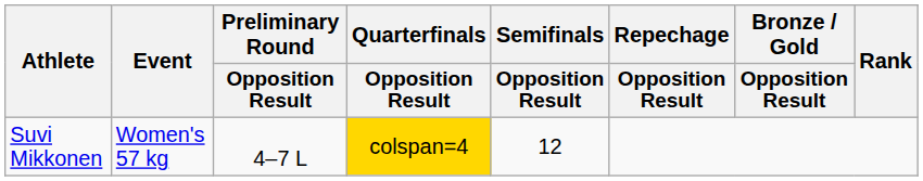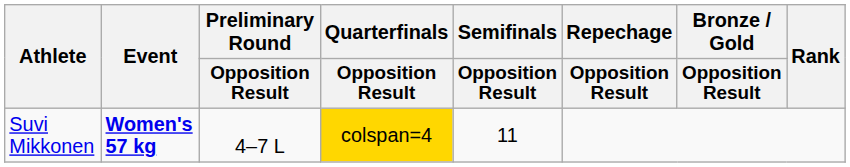 <table class="wikitable" style="font-size:90%;">
 <tr>
 <th rowspan=2>Athlete</th>
 <th rowspan=2>Event</th>
 <th>Preliminary Round</th>
 <th>Quarterfinals</th>
 <th>Semifinals</th>
 <th>Repechage</th>
 <th>Bronze / Gold</th>
 <th rowspan=2>Rank</th>
 </tr>
 <tr style="font-size:95%">
 <th>Opposition<br>Result</th>
 <th>Opposition<br>Result</th>
 <th>Opposition<br>Result</th>
 <th>Opposition<br>Result</th>
 <th>Opposition<br>Result</th>
 </tr>
 <tr align=center>
 <td align=left><a href='#'>Suvi Mikkonen</a></td>
-<td align=left><a href='#'>Women's 57 kg</a></td>
+<td align=left><strong><a href='#'>Women's 57 kg</a></strong></td>
 <td><br>4–7 L </td>
 <td style="background: gold;">colspan=4 </td>
-<td>12</td>
+<td>11</td>
 </tr>
 </table>
